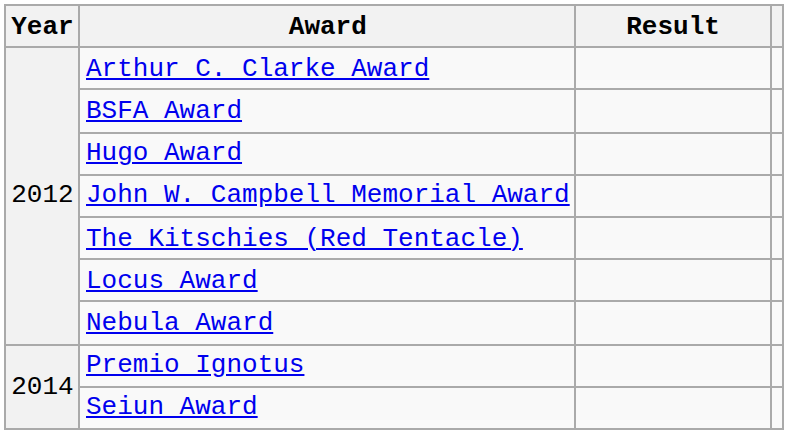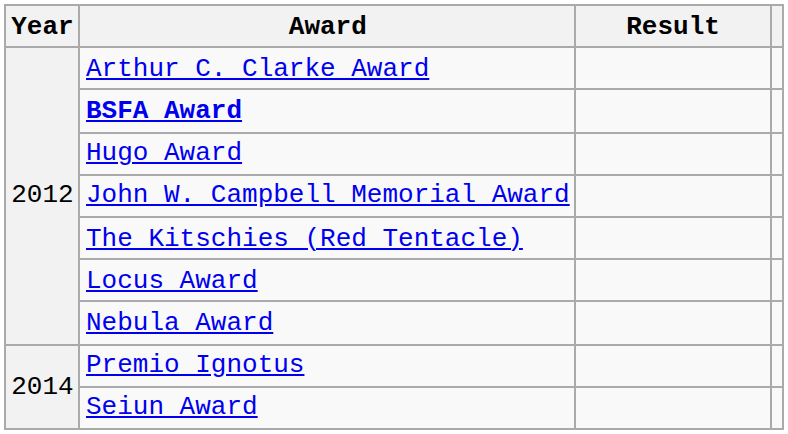 <table class="wikitable sortable">
 <tr>
 <th>Year</th>
 <th>Award</th>
 <th style="min-width: 7em">Result</th>
 <th class=unsortable></th>
 </tr>
 <tr>
 <th style="font-weight: normal" rowspan=7>2012</th>
 <td><a href='#'>Arthur C. Clarke Award</a></td>
 <td></td>
 <td align=center></td>
 </tr>
 <tr>
-<td><a href='#'>BSFA Award</a></td>
+<td><strong><a href='#'>BSFA Award</a></strong></td>
 <td></td>
 <td align=center></td>
 </tr>
 <tr>
 <td><a href='#'>Hugo Award</a></td>
 <td></td>
 <td align=center></td>
 </tr>
 <tr>
 <td><a href='#'>John W. Campbell Memorial Award</a></td>
 <td></td>
 <td align=center></td>
 </tr>
 <tr>
 <td><a href='#'>The Kitschies (Red Tentacle)</a></td>
 <td></td>
 <td align=center></td>
 </tr>
 <tr>
 <td><a href='#'>Locus Award</a></td>
 <td></td>
 <td align=center></td>
 </tr>
 <tr>
 <td><a href='#'>Nebula Award</a></td>
 <td></td>
 <td align=center></td>
 </tr>
 <tr>
 <th style="font-weight: normal" rowspan=2>2014</th>
 <td><a href='#'>Premio Ignotus</a></td>
 <td></td>
 <td align=center></td>
 </tr>
 <tr>
 <td><a href='#'>Seiun Award</a></td>
 <td></td>
 <td align=center></td>
 </tr>
 </table>
